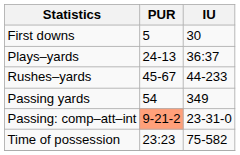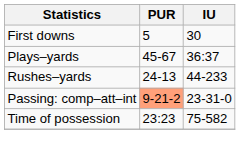 <table class="wikitable" style="float: left;">
 <tr>
 <th>Statistics</th>
 <th>PUR</th>
 <th>IU</th>
 </tr>
 <tr>
 <td>First downs</td>
 <td>5</td>
 <td>30</td>
 </tr>
 <tr>
 <td>Plays–yards</td>
-<td>24-13</td>
+<td>45-67</td>
 <td>36:37</td>
 </tr>
 <tr>
 <td>Rushes–yards</td>
-<td>45-67</td>
+<td>24-13</td>
 <td>44-233</td>
-</tr>
-<tr>
-<td>Passing yards</td>
-<td>54</td>
-<td>349</td>
 </tr>
 <tr>
 <td>Passing: comp–att–int</td>
 <td style="background: lightsalmon;">9-21-2</td>
 <td>23-31-0</td>
 </tr>
 <tr>
 <td>Time of possession</td>
 <td>23:23</td>
 <td>75-582</td>
 </tr>
 <tr>
 </tr>
 </table>
